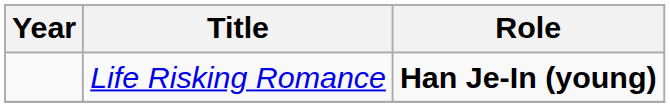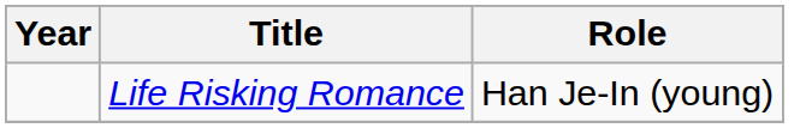 <table class="wikitable">
 <tr>
 <th>Year</th>
 <th>Title</th>
 <th>Role</th>
 </tr>
 <tr>
 <td></td>
 <td><em><a href='#'>Life Risking Romance</a></em></td>
-<td><strong>Han Je-In (young)</strong></td>
+<td>Han Je-In (young)</td>
 </tr>
 <tr>
 </tr>
 </table>
